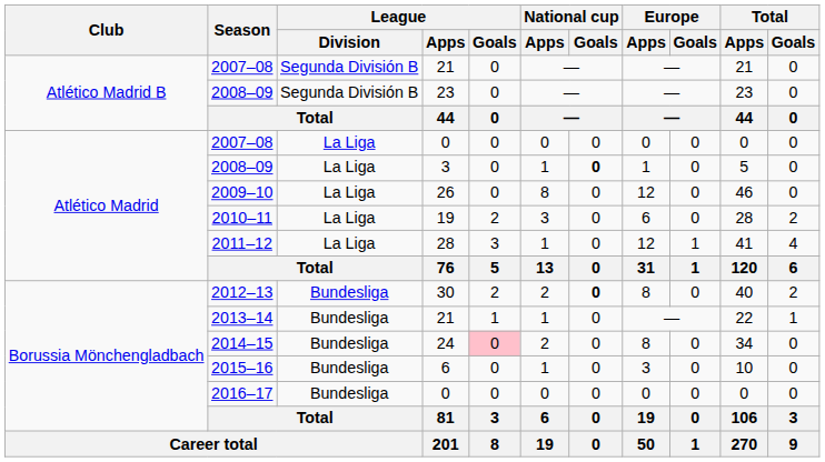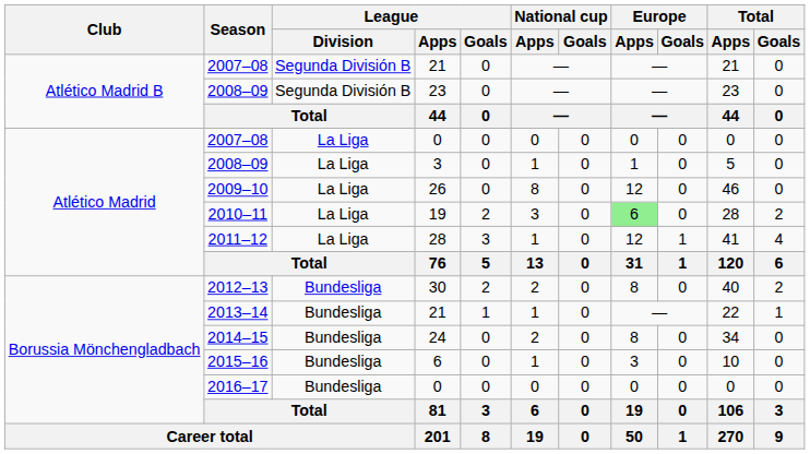 <table class=wikitable style="text-align: center">
 <tr>
 <th rowspan="2">Club</th>
 <th rowspan="2">Season</th>
 <th colspan="3">League</th>
 <th colspan="2">National cup</th>
 <th colspan="2">Europe</th>
 <th colspan="2">Total</th>
 </tr>
 <tr>
 <th>Division</th>
 <th>Apps</th>
 <th>Goals</th>
 <th>Apps</th>
 <th>Goals</th>
 <th>Apps</th>
 <th>Goals</th>
 <th>Apps</th>
 <th>Goals</th>
 </tr>
 <tr>
 <td rowspan="3"><a href='#'>Atlético Madrid B</a></td>
 <td><a href='#'>2007–08</a></td>
 <td><a href='#'>Segunda División B</a></td>
 <td>21</td>
 <td>0</td>
 <td colspan="2">—</td>
 <td colspan="2">—</td>
 <td>21</td>
 <td>0</td>
 </tr>
 <tr>
 <td><a href='#'>2008–09</a></td>
 <td>Segunda División B</td>
 <td>23</td>
 <td>0</td>
 <td colspan="2">—</td>
 <td colspan="2">—</td>
 <td>23</td>
 <td>0</td>
 </tr>
 <tr>
 <th colspan="2">Total</th>
 <th>44</th>
 <th>0</th>
 <th colspan="2">—</th>
 <th colspan="2">—</th>
 <th>44</th>
 <th>0</th>
 </tr>
 <tr>
 <td rowspan="6"><a href='#'>Atlético Madrid</a></td>
 <td><a href='#'>2007–08</a></td>
 <td><a href='#'>La Liga</a></td>
 <td>0</td>
 <td>0</td>
 <td>0</td>
 <td>0</td>
 <td>0</td>
 <td>0</td>
 <td>0</td>
 <td>0</td>
 </tr>
 <tr>
 <td><a href='#'>2008–09</a></td>
 <td>La Liga</td>
 <td>3</td>
 <td>0</td>
 <td>1</td>
-<td><strong>0</strong></td>
+<td>0</td>
 <td>1</td>
 <td>0</td>
 <td>5</td>
 <td>0</td>
 </tr>
 <tr>
 <td><a href='#'>2009–10</a></td>
 <td>La Liga</td>
 <td>26</td>
 <td>0</td>
 <td>8</td>
 <td>0</td>
 <td>12</td>
 <td>0</td>
 <td>46</td>
 <td>0</td>
 </tr>
 <tr>
 <td><a href='#'>2010–11</a></td>
 <td>La Liga</td>
 <td>19</td>
 <td>2</td>
 <td>3</td>
 <td>0</td>
-<td>6</td>
+<td style="background: lightgreen;">6</td>
 <td>0</td>
 <td>28</td>
 <td>2</td>
 </tr>
 <tr>
 <td><a href='#'>2011–12</a></td>
 <td>La Liga</td>
 <td>28</td>
 <td>3</td>
 <td>1</td>
 <td>0</td>
 <td>12</td>
 <td>1</td>
 <td>41</td>
 <td>4</td>
 </tr>
 <tr>
 <th colspan="2">Total</th>
 <th>76</th>
 <th>5</th>
 <th>13</th>
 <th>0</th>
 <th>31</th>
 <th>1</th>
 <th>120</th>
 <th>6</th>
 </tr>
 <tr>
 <td rowspan="6"><a href='#'>Borussia Mönchengladbach</a></td>
 <td><a href='#'>2012–13</a></td>
 <td><a href='#'>Bundesliga</a></td>
 <td>30</td>
 <td>2</td>
 <td>2</td>
-<td><strong>0</strong></td>
+<td>0</td>
 <td>8</td>
 <td>0</td>
 <td>40</td>
 <td>2</td>
 </tr>
 <tr>
 <td><a href='#'>2013–14</a></td>
 <td>Bundesliga</td>
 <td>21</td>
 <td>1</td>
 <td>1</td>
 <td>0</td>
 <td colspan="2">—</td>
 <td>22</td>
 <td>1</td>
 </tr>
 <tr>
 <td><a href='#'>2014–15</a></td>
 <td>Bundesliga</td>
 <td>24</td>
-<td style="background: pink;">0</td>
+<td>0</td>
 <td>2</td>
 <td>0</td>
 <td>8</td>
 <td>0</td>
 <td>34</td>
 <td>0</td>
 </tr>
 <tr>
 <td><a href='#'>2015–16</a></td>
 <td>Bundesliga</td>
 <td>6</td>
 <td>0</td>
 <td>1</td>
 <td>0</td>
 <td>3</td>
 <td>0</td>
 <td>10</td>
 <td>0</td>
 </tr>
 <tr>
 <td><a href='#'>2016–17</a></td>
 <td>Bundesliga</td>
 <td>0</td>
 <td>0</td>
 <td>0</td>
 <td>0</td>
 <td>0</td>
 <td>0</td>
 <td>0</td>
 <td>0</td>
 </tr>
 <tr>
 <th colspan="2">Total</th>
 <th>81</th>
 <th>3</th>
 <th>6</th>
 <th>0</th>
 <th>19</th>
 <th>0</th>
 <th>106</th>
 <th>3</th>
 </tr>
 <tr>
 <th colspan="3">Career total</th>
 <th>201</th>
 <th>8</th>
 <th>19</th>
 <th>0</th>
 <th>50</th>
 <th>1</th>
 <th>270</th>
 <th>9</th>
 </tr>
 </table>
